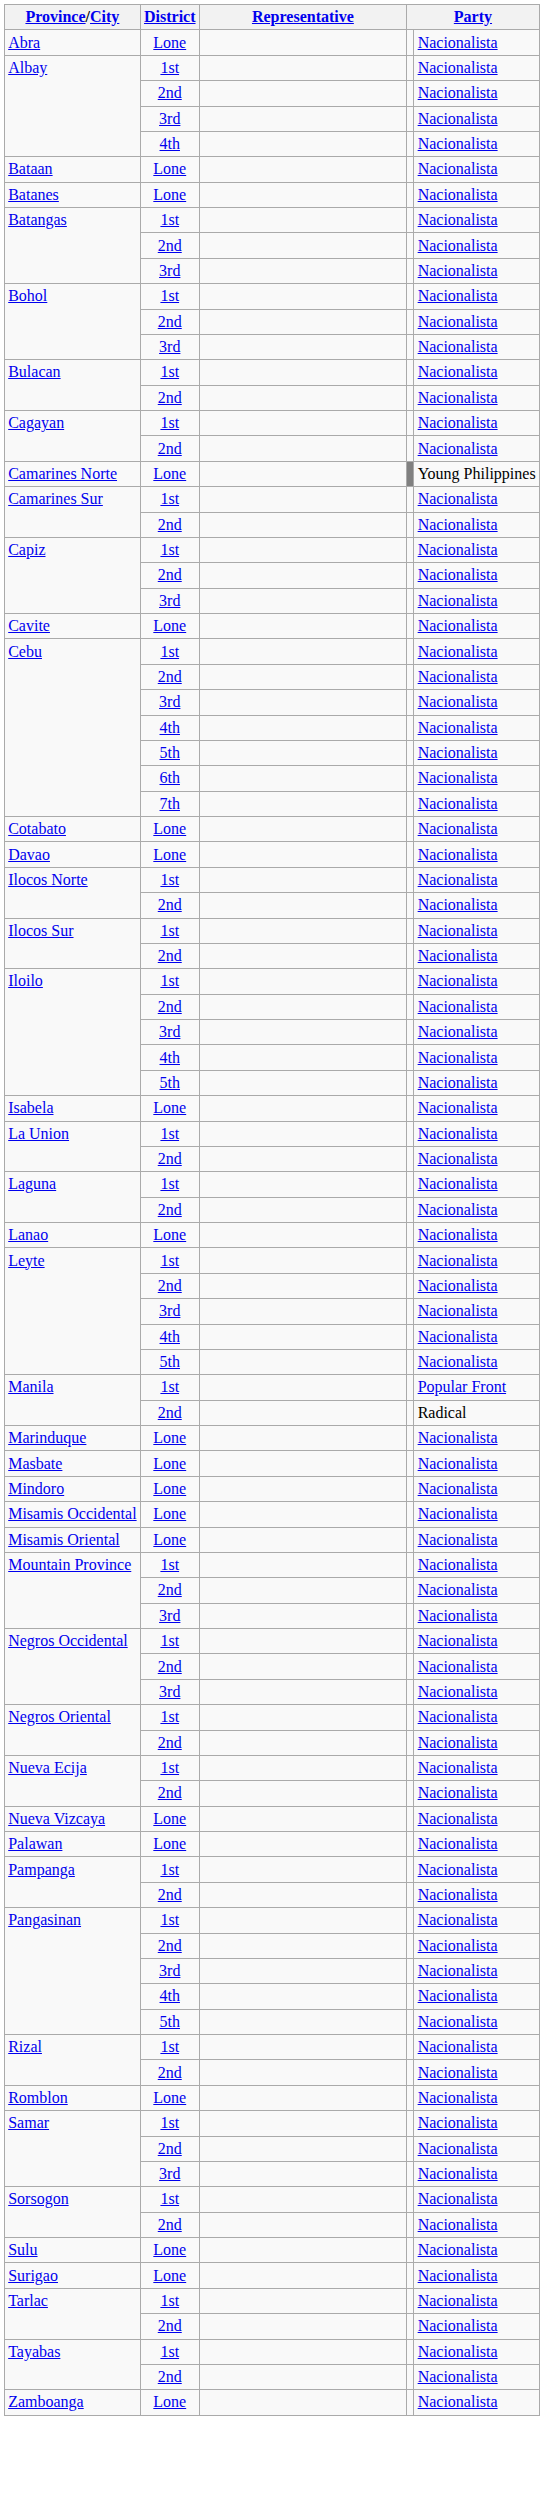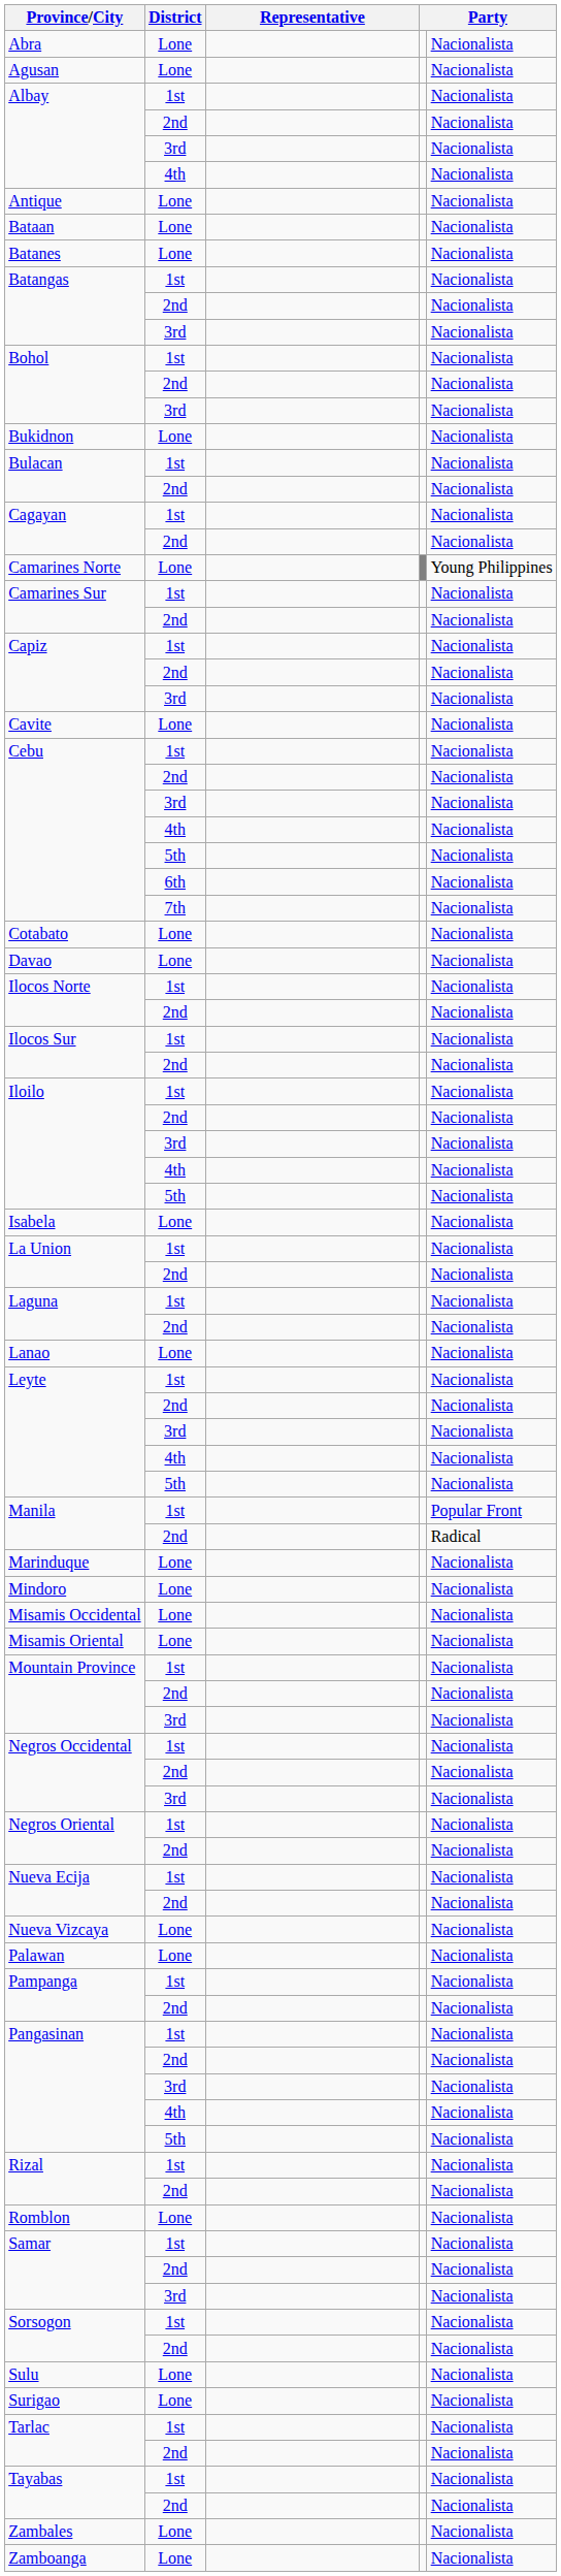 <table class="wikitable sortable">
 <tr>
 <th><a href='#'>Province</a>/<a href='#'>City</a></th>
 <th><a href='#'>District</a></th>
 <th width="200px"><a href='#'>Representative</a></th>
 <th colspan="2"><a href='#'>Party</a></th>
 </tr>
 <tr>
 <td valign="top"><a href='#'>Abra</a></td>
+<td align="center"><a href='#'>Lone</a></td>
+<td></td>
+<td></td>
+<td><a href='#'>Nacionalista</a></td>
+</tr>
+<tr>
+<td valign="top"><a href='#'>Agusan</a></td>
 <td align="center"><a href='#'>Lone</a></td>
 <td></td>
 <td></td>
 <td><a href='#'>Nacionalista</a></td>
 </tr>
 <tr>
 <td rowspan="4" valign="top"><a href='#'>Albay</a></td>
 <td align="center"><a href='#'>1st</a></td>
 <td></td>
 <td></td>
 <td><a href='#'>Nacionalista</a></td>
 </tr>
 <tr>
 <td align="center"><a href='#'>2nd</a></td>
 <td></td>
 <td></td>
 <td><a href='#'>Nacionalista</a></td>
 </tr>
 <tr>
 <td align="center"><a href='#'>3rd</a></td>
 <td></td>
 <td></td>
 <td><a href='#'>Nacionalista</a></td>
 </tr>
 <tr>
 <td align="center"><a href='#'>4th</a></td>
+<td></td>
+<td></td>
+<td><a href='#'>Nacionalista</a></td>
+</tr>
+<tr>
+<td><a href='#'>Antique</a></td>
+<td align="center"><a href='#'>Lone</a></td>
 <td></td>
 <td></td>
 <td><a href='#'>Nacionalista</a></td>
 </tr>
 <tr>
 <td valign="top"><a href='#'>Bataan</a></td>
 <td align="center"><a href='#'>Lone</a></td>
 <td></td>
 <td></td>
 <td><a href='#'>Nacionalista</a></td>
 </tr>
 <tr>
 <td valign="top"><a href='#'>Batanes</a></td>
 <td align="center"><a href='#'>Lone</a></td>
 <td></td>
 <td></td>
 <td><a href='#'>Nacionalista</a></td>
 </tr>
 <tr>
 <td rowspan="3" valign="top"><a href='#'>Batangas</a></td>
 <td align="center"><a href='#'>1st</a></td>
 <td></td>
 <td></td>
 <td><a href='#'>Nacionalista</a></td>
 </tr>
 <tr>
 <td align="center"><a href='#'>2nd</a></td>
 <td></td>
 <td></td>
 <td><a href='#'>Nacionalista</a></td>
 </tr>
 <tr>
 <td align="center"><a href='#'>3rd</a></td>
 <td></td>
 <td></td>
 <td><a href='#'>Nacionalista</a></td>
 </tr>
 <tr>
 <td rowspan="3" valign="top"><a href='#'>Bohol</a></td>
 <td align="center"><a href='#'>1st</a></td>
 <td></td>
 <td></td>
 <td><a href='#'>Nacionalista</a></td>
 </tr>
 <tr>
 <td align="center"><a href='#'>2nd</a></td>
 <td></td>
 <td></td>
 <td><a href='#'>Nacionalista</a></td>
 </tr>
 <tr>
 <td align="center"><a href='#'>3rd</a></td>
+<td></td>
+<td></td>
+<td><a href='#'>Nacionalista</a></td>
+</tr>
+<tr>
+<td valign="top"><a href='#'>Bukidnon</a></td>
+<td align="center"><a href='#'>Lone</a></td>
 <td></td>
 <td></td>
 <td><a href='#'>Nacionalista</a></td>
 </tr>
 <tr>
 <td rowspan="2" valign="top"><a href='#'>Bulacan</a></td>
 <td align="center"><a href='#'>1st</a></td>
 <td></td>
 <td></td>
 <td><a href='#'>Nacionalista</a></td>
 </tr>
 <tr>
 <td align="center"><a href='#'>2nd</a></td>
 <td></td>
 <td></td>
 <td><a href='#'>Nacionalista</a></td>
 </tr>
 <tr>
 <td rowspan="2" valign="top"><a href='#'>Cagayan</a></td>
 <td align="center"><a href='#'>1st</a></td>
 <td></td>
 <td></td>
 <td><a href='#'>Nacionalista</a></td>
 </tr>
 <tr>
 <td align="center"><a href='#'>2nd</a></td>
 <td></td>
 <td></td>
 <td><a href='#'>Nacionalista</a></td>
 </tr>
 <tr>
 <td valign="top"><a href='#'>Camarines Norte</a></td>
 <td align="center"><a href='#'>Lone</a></td>
 <td></td>
 <td bgcolor="gray"></td>
 <td>Young Philippines</td>
 </tr>
 <tr>
 <td rowspan="2" valign="top"><a href='#'>Camarines Sur</a></td>
 <td align="center"><a href='#'>1st</a></td>
 <td></td>
 <td></td>
 <td><a href='#'>Nacionalista</a></td>
 </tr>
 <tr>
 <td align="center"><a href='#'>2nd</a></td>
 <td></td>
 <td></td>
 <td><a href='#'>Nacionalista</a></td>
 </tr>
 <tr>
 <td rowspan="3" valign="top"><a href='#'>Capiz</a></td>
 <td align="center"><a href='#'>1st</a></td>
 <td></td>
 <td></td>
 <td><a href='#'>Nacionalista</a></td>
 </tr>
 <tr>
 <td align="center"><a href='#'>2nd</a></td>
 <td></td>
 <td></td>
 <td><a href='#'>Nacionalista</a></td>
 </tr>
 <tr>
 <td align="center"><a href='#'>3rd</a></td>
 <td></td>
 <td></td>
 <td><a href='#'>Nacionalista</a></td>
 </tr>
 <tr>
 <td valign="top"><a href='#'>Cavite</a></td>
 <td align="center"><a href='#'>Lone</a></td>
 <td></td>
 <td></td>
 <td><a href='#'>Nacionalista</a></td>
 </tr>
 <tr>
 <td rowspan="7" valign="top"><a href='#'>Cebu</a></td>
 <td align="center"><a href='#'>1st</a></td>
 <td></td>
 <td></td>
 <td><a href='#'>Nacionalista</a></td>
 </tr>
 <tr>
 <td align="center"><a href='#'>2nd</a></td>
 <td></td>
 <td></td>
 <td><a href='#'>Nacionalista</a></td>
 </tr>
 <tr>
 <td align="center"><a href='#'>3rd</a></td>
 <td></td>
 <td></td>
 <td><a href='#'>Nacionalista</a></td>
 </tr>
 <tr>
 <td align="center"><a href='#'>4th</a></td>
 <td></td>
 <td></td>
 <td><a href='#'>Nacionalista</a></td>
 </tr>
 <tr>
 <td align="center"><a href='#'>5th</a></td>
 <td></td>
 <td></td>
 <td><a href='#'>Nacionalista</a></td>
 </tr>
 <tr>
 <td align="center"><a href='#'>6th</a></td>
 <td></td>
 <td></td>
 <td><a href='#'>Nacionalista</a></td>
 </tr>
 <tr>
 <td align="center"><a href='#'>7th</a></td>
 <td></td>
 <td></td>
 <td><a href='#'>Nacionalista</a></td>
 </tr>
 <tr>
 <td valign="top"><a href='#'>Cotabato</a></td>
 <td align="center"><a href='#'>Lone</a></td>
 <td></td>
 <td></td>
 <td><a href='#'>Nacionalista</a></td>
 </tr>
 <tr>
 <td valign="top"><a href='#'>Davao</a></td>
 <td align="center"><a href='#'>Lone</a></td>
 <td></td>
 <td></td>
 <td><a href='#'>Nacionalista</a></td>
 </tr>
 <tr>
 <td rowspan="2" valign="top"><a href='#'>Ilocos Norte</a></td>
 <td align="center"><a href='#'>1st</a></td>
 <td></td>
 <td></td>
 <td><a href='#'>Nacionalista</a></td>
 </tr>
 <tr>
 <td align="center"><a href='#'>2nd</a></td>
 <td></td>
 <td></td>
 <td><a href='#'>Nacionalista</a></td>
 </tr>
 <tr>
 <td rowspan="2" valign="top"><a href='#'>Ilocos Sur</a></td>
 <td align="center"><a href='#'>1st</a></td>
 <td></td>
 <td></td>
 <td><a href='#'>Nacionalista</a></td>
 </tr>
 <tr>
 <td align="center"><a href='#'>2nd</a></td>
 <td></td>
 <td></td>
 <td><a href='#'>Nacionalista</a></td>
 </tr>
 <tr>
 <td rowspan="5" valign="top"><a href='#'>Iloilo</a></td>
 <td align="center"><a href='#'>1st</a></td>
 <td></td>
 <td></td>
 <td><a href='#'>Nacionalista</a></td>
 </tr>
 <tr>
 <td align="center"><a href='#'>2nd</a></td>
 <td></td>
 <td></td>
 <td><a href='#'>Nacionalista</a></td>
 </tr>
 <tr>
 <td align="center"><a href='#'>3rd</a></td>
 <td></td>
 <td></td>
 <td><a href='#'>Nacionalista</a></td>
 </tr>
 <tr>
 <td align="center"><a href='#'>4th</a></td>
 <td></td>
 <td></td>
 <td><a href='#'>Nacionalista</a></td>
 </tr>
 <tr>
 <td align="center"><a href='#'>5th</a></td>
 <td></td>
 <td></td>
 <td><a href='#'>Nacionalista</a></td>
 </tr>
 <tr>
 <td valign="top"><a href='#'>Isabela</a></td>
 <td align="center"><a href='#'>Lone</a></td>
 <td></td>
 <td></td>
 <td><a href='#'>Nacionalista</a></td>
 </tr>
 <tr>
 <td rowspan="2" valign="top"><a href='#'>La Union</a></td>
 <td align="center"><a href='#'>1st</a></td>
 <td></td>
 <td></td>
 <td><a href='#'>Nacionalista</a></td>
 </tr>
 <tr>
 <td align="center"><a href='#'>2nd</a></td>
 <td></td>
 <td></td>
 <td><a href='#'>Nacionalista</a></td>
 </tr>
 <tr>
 <td rowspan="2" valign="top"><a href='#'>Laguna</a></td>
 <td align="center"><a href='#'>1st</a></td>
 <td></td>
 <td></td>
 <td><a href='#'>Nacionalista</a></td>
 </tr>
 <tr>
 <td align="center"><a href='#'>2nd</a></td>
 <td></td>
 <td></td>
 <td><a href='#'>Nacionalista</a></td>
 </tr>
 <tr>
 <td valign="top"><a href='#'>Lanao</a></td>
 <td align="center"><a href='#'>Lone</a></td>
 <td></td>
 <td></td>
 <td><a href='#'>Nacionalista</a></td>
 </tr>
 <tr>
 <td rowspan="5" valign="top"><a href='#'>Leyte</a></td>
 <td align="center"><a href='#'>1st</a></td>
 <td></td>
 <td></td>
 <td><a href='#'>Nacionalista</a></td>
 </tr>
 <tr>
 <td align="center"><a href='#'>2nd</a></td>
 <td></td>
 <td></td>
 <td><a href='#'>Nacionalista</a></td>
 </tr>
 <tr>
 <td align="center"><a href='#'>3rd</a></td>
 <td></td>
 <td></td>
 <td><a href='#'>Nacionalista</a></td>
 </tr>
 <tr>
 <td align="center"><a href='#'>4th</a></td>
 <td></td>
 <td></td>
 <td><a href='#'>Nacionalista</a></td>
 </tr>
 <tr>
 <td align="center"><a href='#'>5th</a></td>
 <td></td>
 <td></td>
 <td><a href='#'>Nacionalista</a></td>
 </tr>
 <tr>
 <td rowspan="2" valign="top"><a href='#'>Manila</a></td>
 <td align="center"><a href='#'>1st</a></td>
 <td></td>
 <td bgcolor=></td>
 <td><a href='#'>Popular Front</a></td>
 </tr>
 <tr>
 <td align="center"><a href='#'>2nd</a></td>
 <td></td>
 <td bgcolor=></td>
 <td>Radical</td>
 </tr>
 <tr>
 <td valign="top"><a href='#'>Marinduque</a></td>
 <td align="center"><a href='#'>Lone</a></td>
 <td></td>
 <td></td>
 <td><a href='#'>Nacionalista</a></td>
 </tr>
 <tr>
-<td valign="top"><a href='#'>Masbate</a></td>
-<td align="center"><a href='#'>Lone</a></td>
-<td></td>
-<td></td>
-<td><a href='#'>Nacionalista</a></td>
-</tr>
-<tr>
 <td valign="top"><a href='#'>Mindoro</a></td>
 <td align="center"><a href='#'>Lone</a></td>
 <td></td>
 <td></td>
 <td><a href='#'>Nacionalista</a></td>
 </tr>
 <tr>
 <td valign="top"><a href='#'>Misamis Occidental</a></td>
 <td align="center"><a href='#'>Lone</a></td>
 <td></td>
 <td></td>
 <td><a href='#'>Nacionalista</a></td>
 </tr>
 <tr>
 <td valign="top"><a href='#'>Misamis Oriental</a></td>
 <td align="center"><a href='#'>Lone</a></td>
 <td></td>
 <td></td>
 <td><a href='#'>Nacionalista</a></td>
 </tr>
 <tr>
 <td rowspan="3" valign="top"><a href='#'>Mountain Province</a></td>
 <td align="center"><a href='#'>1st</a></td>
 <td></td>
 <td></td>
 <td><a href='#'>Nacionalista</a></td>
 </tr>
 <tr>
 <td align="center"><a href='#'>2nd</a></td>
 <td></td>
 <td></td>
 <td><a href='#'>Nacionalista</a></td>
 </tr>
 <tr>
 <td align="center"><a href='#'>3rd</a></td>
 <td></td>
 <td></td>
 <td><a href='#'>Nacionalista</a></td>
 </tr>
 <tr>
 <td rowspan="3" valign="top"><a href='#'>Negros Occidental</a></td>
 <td align="center"><a href='#'>1st</a></td>
 <td></td>
 <td></td>
 <td><a href='#'>Nacionalista</a></td>
 </tr>
 <tr>
 <td align="center"><a href='#'>2nd</a></td>
 <td></td>
 <td></td>
 <td><a href='#'>Nacionalista</a></td>
 </tr>
 <tr>
 <td align="center"><a href='#'>3rd</a></td>
 <td></td>
 <td></td>
 <td><a href='#'>Nacionalista</a></td>
 </tr>
 <tr>
 <td rowspan="2" valign="top"><a href='#'>Negros Oriental</a></td>
 <td align="center"><a href='#'>1st</a></td>
 <td></td>
 <td></td>
 <td><a href='#'>Nacionalista</a></td>
 </tr>
 <tr>
 <td align="center"><a href='#'>2nd</a></td>
 <td></td>
 <td></td>
 <td><a href='#'>Nacionalista</a></td>
 </tr>
 <tr>
 <td rowspan="2" valign="top"><a href='#'>Nueva Ecija</a></td>
 <td align="center"><a href='#'>1st</a></td>
 <td></td>
 <td></td>
 <td><a href='#'>Nacionalista</a></td>
 </tr>
 <tr>
 <td align="center"><a href='#'>2nd</a></td>
 <td></td>
 <td></td>
 <td><a href='#'>Nacionalista</a></td>
 </tr>
 <tr>
 <td valign="top"><a href='#'>Nueva Vizcaya</a></td>
 <td align="center"><a href='#'>Lone</a></td>
 <td></td>
 <td></td>
 <td><a href='#'>Nacionalista</a></td>
 </tr>
 <tr>
 <td valign="top"><a href='#'>Palawan</a></td>
 <td align="center"><a href='#'>Lone</a></td>
 <td></td>
 <td></td>
 <td><a href='#'>Nacionalista</a></td>
 </tr>
 <tr>
 <td rowspan="2" valign="top"><a href='#'>Pampanga</a></td>
 <td align="center"><a href='#'>1st</a></td>
 <td></td>
 <td></td>
 <td><a href='#'>Nacionalista</a></td>
 </tr>
 <tr>
 <td align="center"><a href='#'>2nd</a></td>
 <td></td>
 <td></td>
 <td><a href='#'>Nacionalista</a></td>
 </tr>
 <tr>
 <td rowspan="5" valign="top"><a href='#'>Pangasinan</a></td>
 <td align="center"><a href='#'>1st</a></td>
 <td></td>
 <td></td>
 <td><a href='#'>Nacionalista</a></td>
 </tr>
 <tr>
 <td align="center"><a href='#'>2nd</a></td>
 <td></td>
 <td></td>
 <td><a href='#'>Nacionalista</a></td>
 </tr>
 <tr>
 <td align="center"><a href='#'>3rd</a></td>
 <td></td>
 <td></td>
 <td><a href='#'>Nacionalista</a></td>
 </tr>
 <tr>
 <td align="center"><a href='#'>4th</a></td>
 <td></td>
 <td></td>
 <td><a href='#'>Nacionalista</a></td>
 </tr>
 <tr>
 <td align="center"><a href='#'>5th</a></td>
 <td></td>
 <td></td>
 <td><a href='#'>Nacionalista</a></td>
 </tr>
 <tr>
 <td rowspan="2" valign="top"><a href='#'>Rizal</a></td>
 <td align="center"><a href='#'>1st</a></td>
 <td></td>
 <td></td>
 <td><a href='#'>Nacionalista</a></td>
 </tr>
 <tr>
 <td align="center"><a href='#'>2nd</a></td>
 <td></td>
 <td></td>
 <td><a href='#'>Nacionalista</a></td>
 </tr>
 <tr>
 <td valign="top"><a href='#'>Romblon</a></td>
 <td align="center"><a href='#'>Lone</a></td>
 <td></td>
 <td></td>
 <td><a href='#'>Nacionalista</a></td>
 </tr>
 <tr>
 <td rowspan="3" valign="top"><a href='#'>Samar</a></td>
 <td align="center"><a href='#'>1st</a></td>
 <td></td>
 <td></td>
 <td><a href='#'>Nacionalista</a></td>
 </tr>
 <tr>
 <td align="center"><a href='#'>2nd</a></td>
 <td></td>
 <td></td>
 <td><a href='#'>Nacionalista</a></td>
 </tr>
 <tr>
 <td align="center"><a href='#'>3rd</a></td>
 <td></td>
 <td></td>
 <td><a href='#'>Nacionalista</a></td>
 </tr>
 <tr>
 <td rowspan="2" valign="top"><a href='#'>Sorsogon</a></td>
 <td align="center"><a href='#'>1st</a></td>
 <td></td>
 <td></td>
 <td><a href='#'>Nacionalista</a></td>
 </tr>
 <tr>
 <td align="center"><a href='#'>2nd</a></td>
 <td></td>
 <td></td>
 <td><a href='#'>Nacionalista</a></td>
 </tr>
 <tr>
 <td valign="top"><a href='#'>Sulu</a></td>
 <td align="center"><a href='#'>Lone</a></td>
 <td></td>
 <td></td>
 <td><a href='#'>Nacionalista</a></td>
 </tr>
 <tr>
 <td valign="top"><a href='#'>Surigao</a></td>
 <td align="center"><a href='#'>Lone</a></td>
 <td></td>
 <td></td>
 <td><a href='#'>Nacionalista</a></td>
 </tr>
 <tr>
 <td rowspan="2" valign="top"><a href='#'>Tarlac</a></td>
 <td align="center"><a href='#'>1st</a></td>
 <td></td>
 <td></td>
 <td><a href='#'>Nacionalista</a></td>
 </tr>
 <tr>
 <td align="center"><a href='#'>2nd</a></td>
 <td></td>
 <td></td>
 <td><a href='#'>Nacionalista</a></td>
 </tr>
 <tr>
 <td rowspan="2" valign="top"><a href='#'>Tayabas</a></td>
 <td align="center"><a href='#'>1st</a></td>
 <td></td>
 <td></td>
 <td><a href='#'>Nacionalista</a></td>
 </tr>
 <tr>
 <td align="center"><a href='#'>2nd</a></td>
 <td></td>
 <td></td>
 <td><a href='#'>Nacionalista</a></td>
 </tr>
 <tr>
+<td valign="top"><a href='#'>Zambales</a></td>
+<td align="center"><a href='#'>Lone</a></td>
+<td></td>
+<td></td>
+<td><a href='#'>Nacionalista</a></td>
+</tr>
+<tr>
 <td valign="top"><a href='#'>Zamboanga</a></td>
 <td align="center"><a href='#'>Lone</a></td>
 <td></td>
 <td></td>
 <td><a href='#'>Nacionalista</a></td>
 </tr>
 </table>
